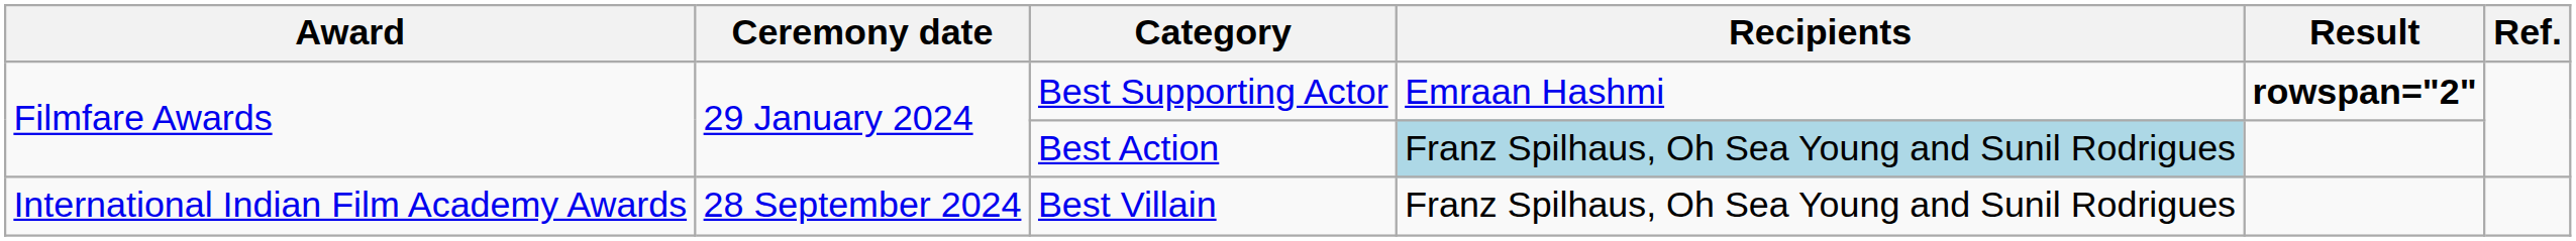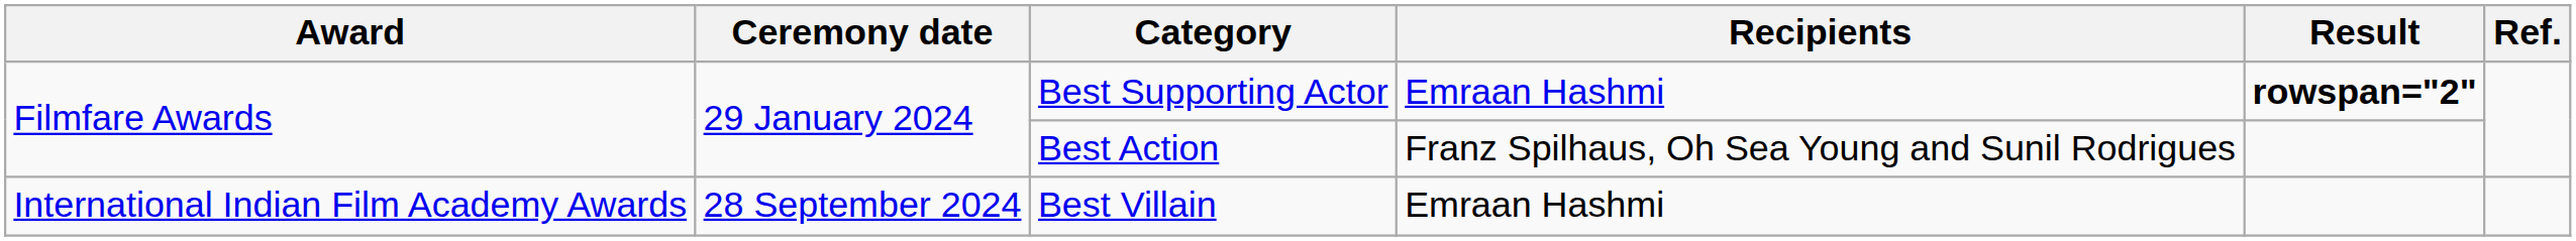 <table class="wikitable">
 <tr>
 <th>Award</th>
 <th>Ceremony date</th>
 <th>Category</th>
 <th>Recipients</th>
 <th>Result</th>
 <th>Ref.</th>
 </tr>
 <tr>
 <td rowspan="2"><a href='#'>Filmfare Awards</a></td>
 <td rowspan="2"><a href='#'>29 January 2024</a></td>
 <td><a href='#'>Best Supporting Actor</a></td>
 <td><a href='#'>Emraan Hashmi</a></td>
 <td><strong>rowspan="2" </strong></td>
 <td rowspan="2"></td>
 </tr>
 <tr>
 <td><a href='#'>Best Action</a></td>
-<td style="background: lightblue;">Franz Spilhaus, Oh Sea Young and Sunil Rodrigues</td>
+<td>Franz Spilhaus, Oh Sea Young and Sunil Rodrigues</td>
 </tr>
 <tr>
 <td><a href='#'>International Indian Film Academy Awards</a></td>
 <td><a href='#'>28 September 2024</a></td>
 <td><a href='#'>Best Villain</a></td>
-<td>Franz Spilhaus, Oh Sea Young and Sunil Rodrigues</td>
+<td>Emraan Hashmi</td>
 <td></td>
 <td></td>
 </tr>
 </table>
